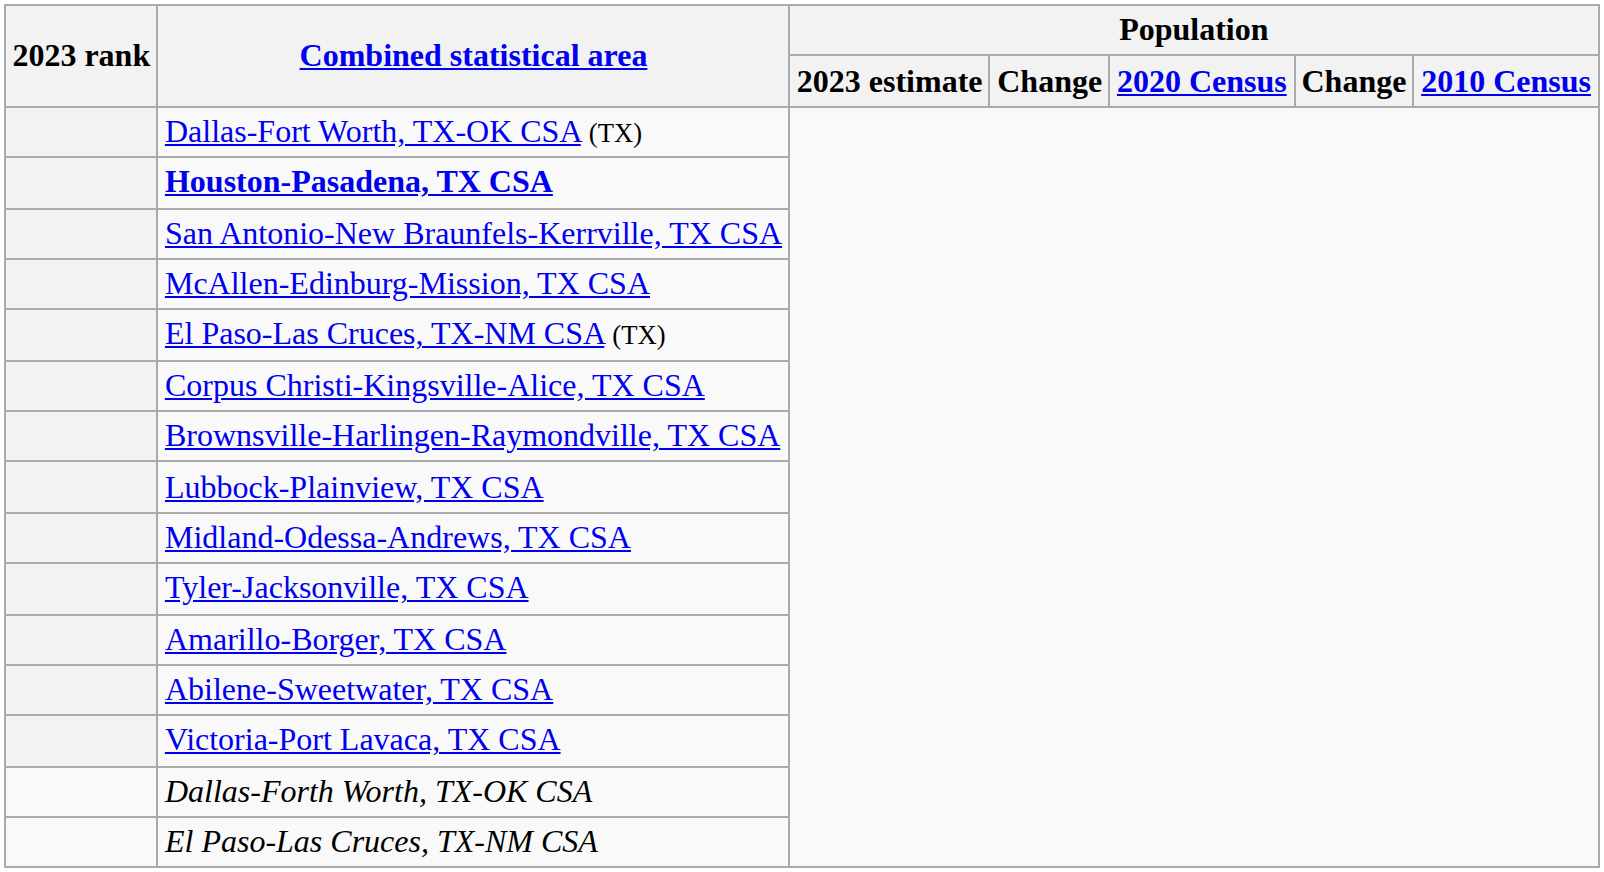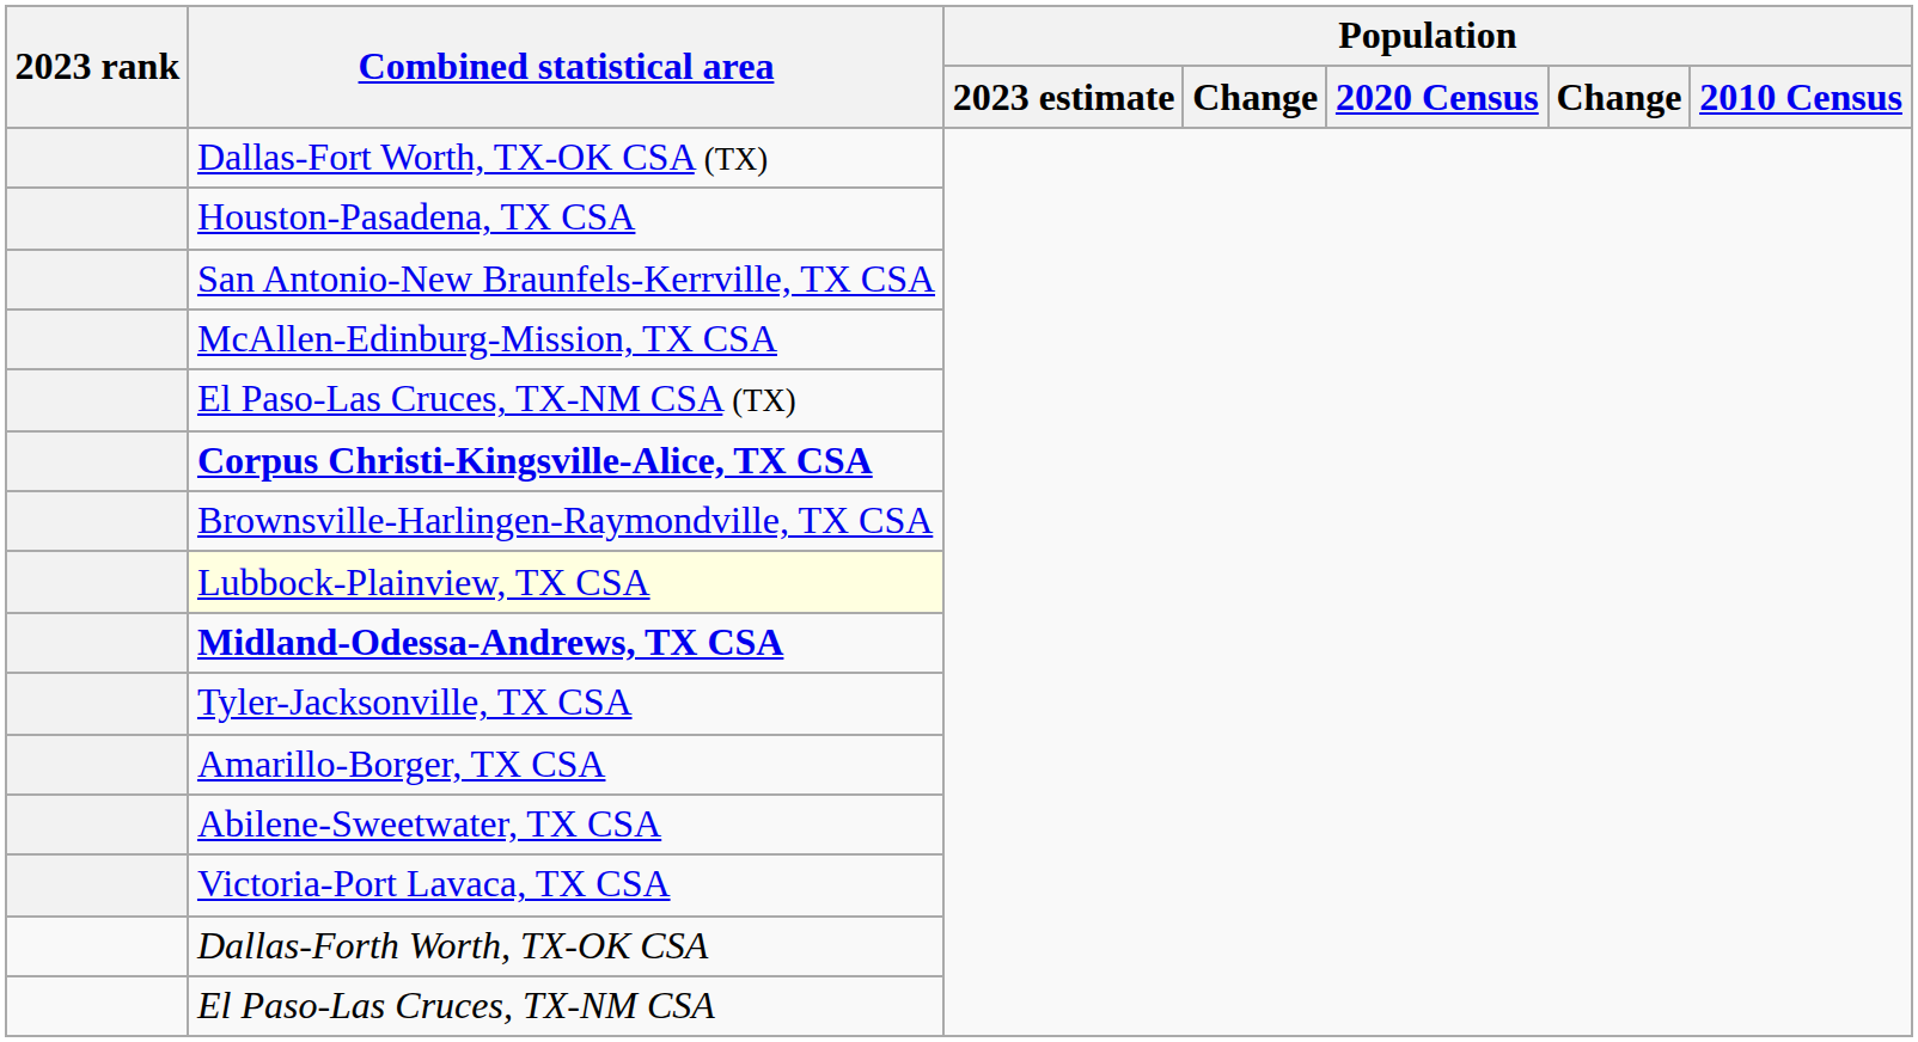 <table class="wikitable sortable">
 <tr>
 <th scope=col rowspan=2>2023 rank</th>
 <th scope=col rowspan=2><a href='#'>Combined statistical area</a></th>
 <th colspan=5>Population</th>
 </tr>
 <tr>
 <th scope=col>2023 estimate</th>
 <th scope=col>Change</th>
 <th scope=col><a href='#'>2020 Census</a></th>
 <th scope=col>Change</th>
 <th scope=col><a href='#'>2010 Census</a></th>
 </tr>
 <tr>
 <th scope=row></th>
 <td><a href='#'>Dallas-Fort Worth, TX-OK CSA</a> <small>(TX)</small><br></td>
 </tr>
 <tr>
 <th scope=row></th>
-<td><strong><a href='#'>Houston-Pasadena, TX CSA</a><br></strong></td>
+<td><a href='#'>Houston-Pasadena, TX CSA</a><br></td>
 </tr>
 <tr>
 <th scope=row></th>
 <td><a href='#'>San Antonio-New Braunfels-Kerrville, TX CSA</a><br></td>
 </tr>
 <tr>
 <th scope=row></th>
 <td><a href='#'>McAllen-Edinburg-Mission, TX CSA</a><br></td>
 </tr>
 <tr>
 <th scope=row></th>
 <td><a href='#'>El Paso-Las Cruces, TX-NM CSA</a> <small>(TX)</small><br></td>
 </tr>
 <tr>
 <th scope=row></th>
-<td><a href='#'>Corpus Christi-Kingsville-Alice, TX CSA</a><br></td>
+<td><strong><a href='#'>Corpus Christi-Kingsville-Alice, TX CSA</a><br></strong></td>
 </tr>
 <tr>
 <th scope=row></th>
 <td><a href='#'>Brownsville-Harlingen-Raymondville, TX CSA</a><br></td>
 </tr>
 <tr>
 <th scope=row></th>
-<td><a href='#'>Lubbock-Plainview, TX CSA</a><br></td>
+<td style="background: lightyellow;"><a href='#'>Lubbock-Plainview, TX CSA</a><br></td>
 </tr>
 <tr>
 <th scope=row></th>
-<td><a href='#'>Midland-Odessa-Andrews, TX CSA</a><br></td>
+<td><strong><a href='#'>Midland-Odessa-Andrews, TX CSA</a><br></strong></td>
 </tr>
 <tr>
 <th scope=row></th>
 <td><a href='#'>Tyler-Jacksonville, TX CSA</a><br></td>
 </tr>
 <tr>
 <th scope=row></th>
 <td><a href='#'>Amarillo-Borger, TX CSA</a><br></td>
 </tr>
 <tr>
 <th scope=row></th>
 <td><a href='#'>Abilene-Sweetwater, TX CSA</a><br></td>
 </tr>
 <tr>
 <th scope=row></th>
 <td><a href='#'>Victoria-Port Lavaca, TX CSA</a><br></td>
 </tr>
 <tr>
 <td></td>
 <td><em><span>Dallas-Forth Worth, TX-OK CSA</span></em><br></td>
 </tr>
 <tr>
 <td></td>
 <td><em><span>El Paso-Las Cruces, TX-NM CSA</span></em><br></td>
 </tr>
 </table>
